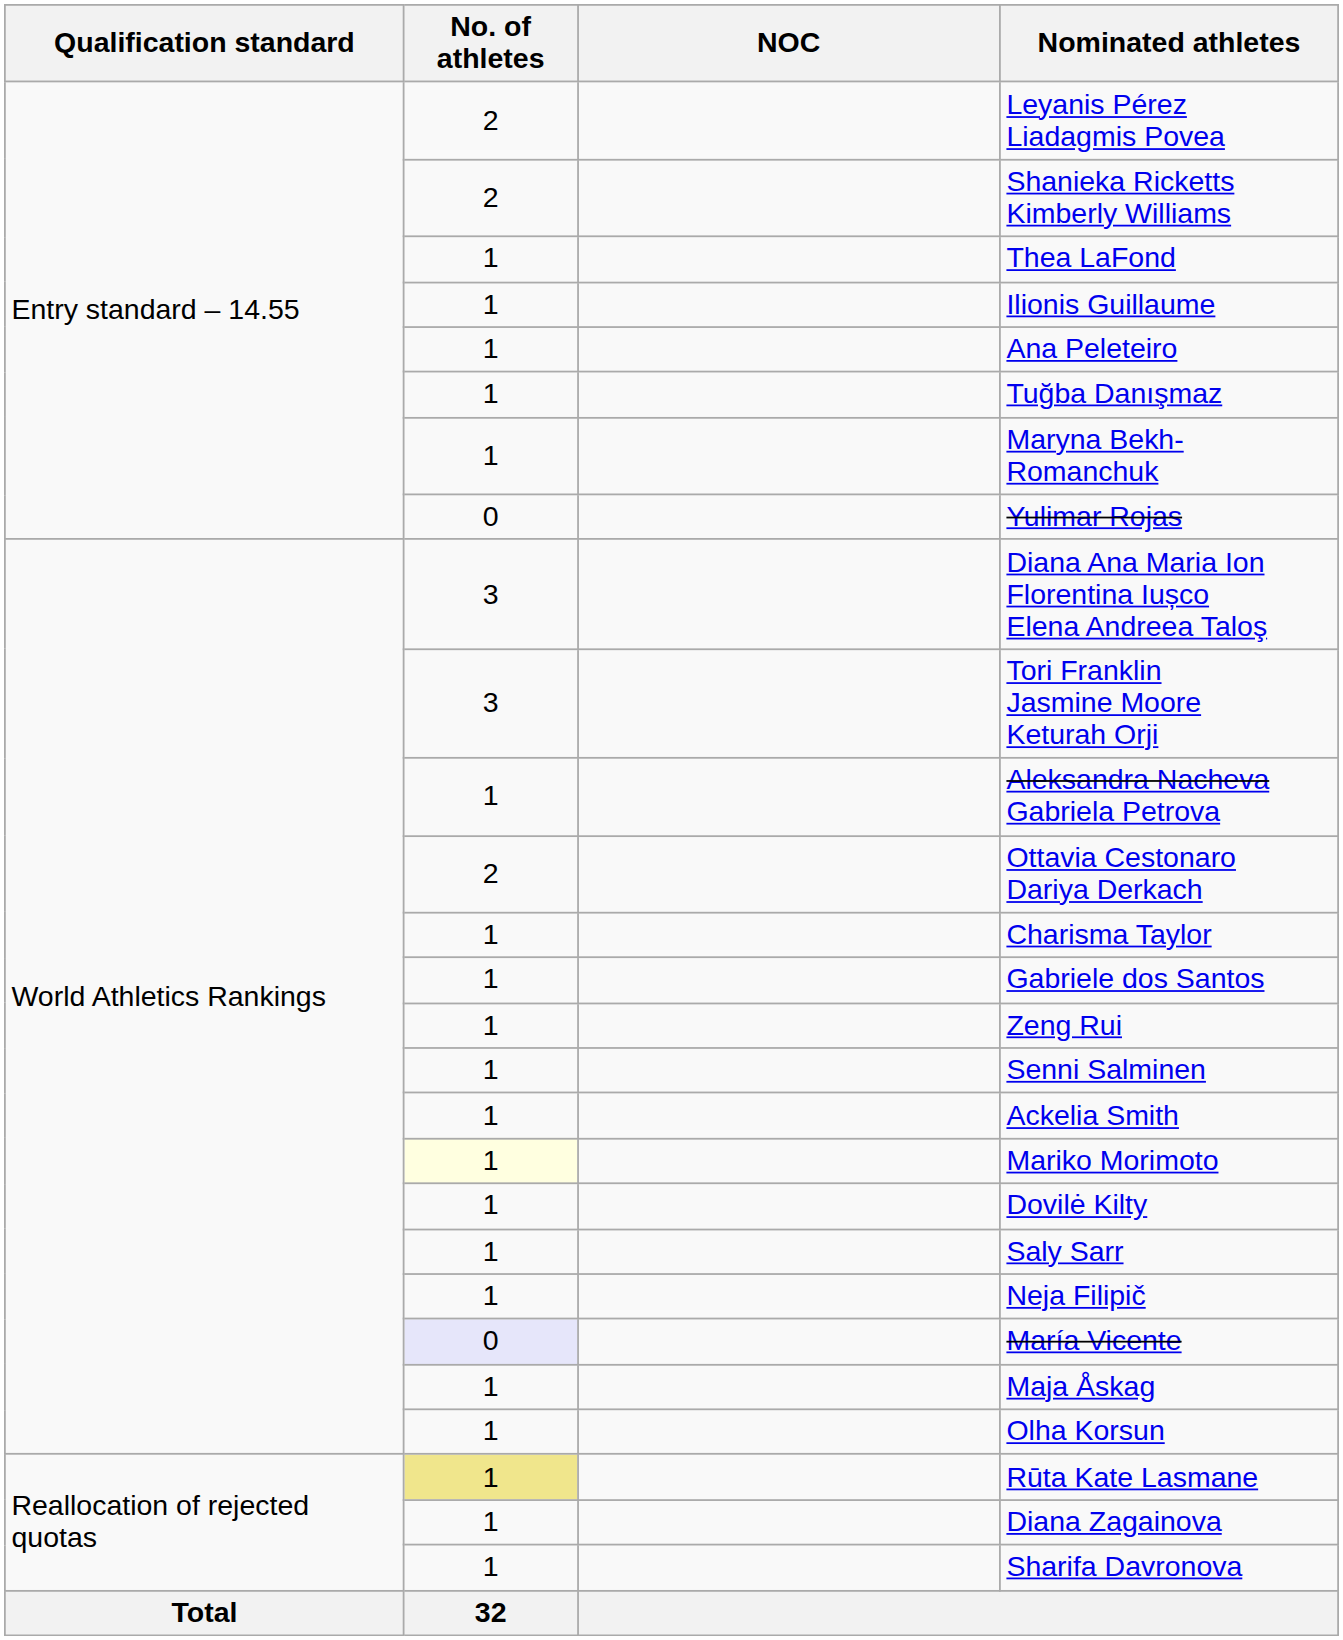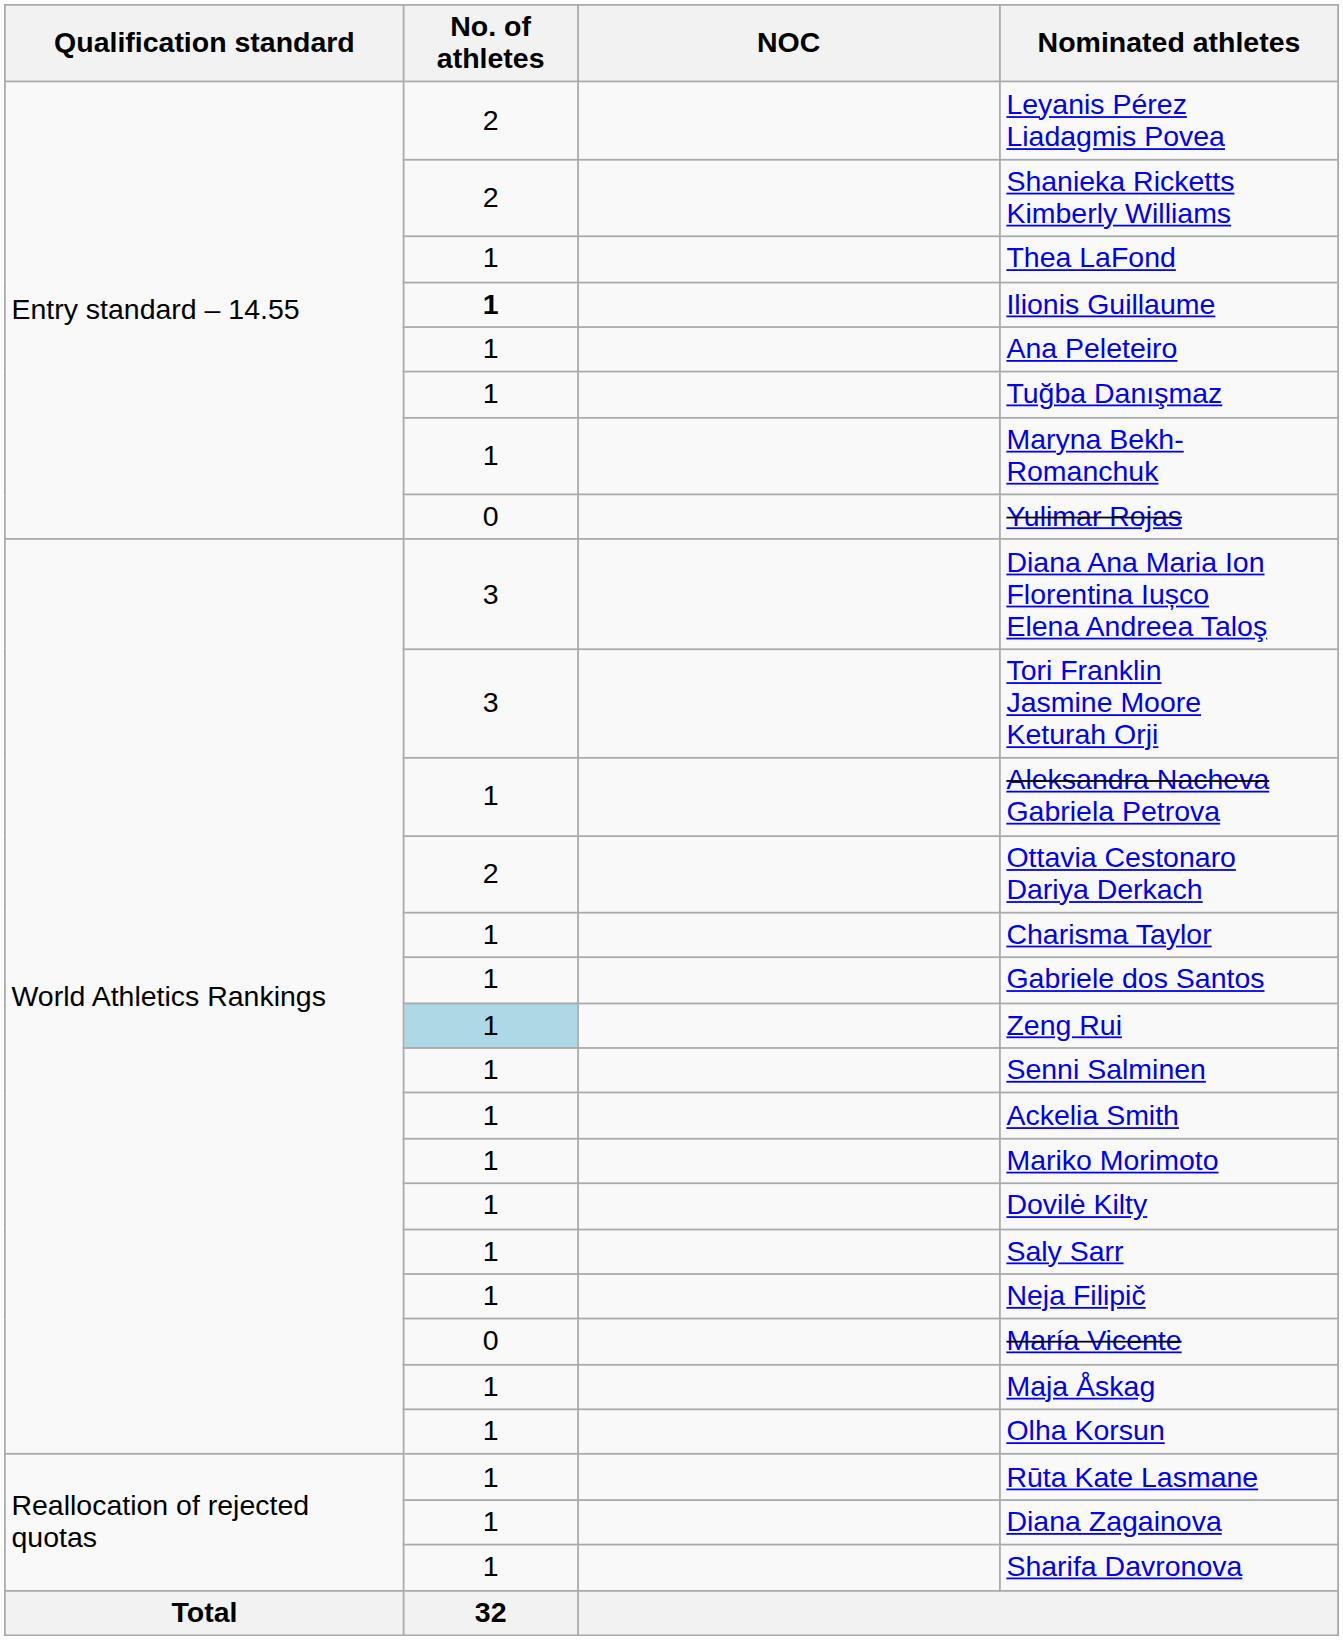 <table class="wikitable sortable" style="text-align:left; width:750px;">
 <tr>
 <th>Qualification standard</th>
 <th width=90>No. of athletes</th>
 <th width=230>NOC</th>
 <th>Nominated athletes</th>
 </tr>
 <tr>
 <td rowspan=8>Entry standard – 14.55</td>
 <td align=center>2</td>
 <td></td>
 <td><a href='#'>Leyanis Pérez</a><br><a href='#'>Liadagmis Povea</a></td>
 </tr>
 <tr>
 <td align=center>2</td>
 <td></td>
 <td><a href='#'>Shanieka Ricketts</a><br><a href='#'>Kimberly Williams</a></td>
 </tr>
 <tr>
 <td align=center>1</td>
 <td></td>
 <td><a href='#'>Thea LaFond</a></td>
 </tr>
 <tr>
-<td align=center>1</td>
+<td align=center><strong>1</strong></td>
 <td></td>
 <td><a href='#'>Ilionis Guillaume</a></td>
 </tr>
 <tr>
 <td align=center>1</td>
 <td></td>
 <td><a href='#'>Ana Peleteiro</a></td>
 </tr>
 <tr>
 <td align=center>1</td>
 <td></td>
 <td><a href='#'>Tuğba Danışmaz</a></td>
 </tr>
 <tr>
 <td align=center>1</td>
 <td></td>
 <td><a href='#'>Maryna Bekh-Romanchuk</a></td>
 </tr>
 <tr>
 <td align=center>0</td>
 <td><s></s></td>
 <td><s><a href='#'>Yulimar Rojas</a></s></td>
 </tr>
 <tr>
 <td rowspan=16>World Athletics Rankings</td>
 <td align=center>3</td>
 <td></td>
 <td><a href='#'>Diana Ana Maria Ion</a><br><a href='#'>Florentina Iușco</a><br><a href='#'>Elena Andreea Taloş</a></td>
 </tr>
 <tr>
 <td align=center>3</td>
 <td></td>
 <td><a href='#'>Tori Franklin</a><br><a href='#'>Jasmine Moore</a><br><a href='#'>Keturah Orji</a></td>
 </tr>
 <tr>
 <td align=center>1</td>
 <td></td>
 <td><s><a href='#'>Aleksandra Nacheva</a></s><br><a href='#'>Gabriela Petrova</a></td>
 </tr>
 <tr>
 <td align=center>2</td>
 <td></td>
 <td><a href='#'>Ottavia Cestonaro</a><br><a href='#'>Dariya Derkach</a></td>
 </tr>
 <tr>
 <td align=center>1</td>
 <td></td>
 <td><a href='#'>Charisma Taylor</a></td>
 </tr>
 <tr>
 <td align=center>1</td>
 <td></td>
 <td><a href='#'>Gabriele dos Santos</a></td>
 </tr>
 <tr>
-<td align=center>1</td>
+<td align=center style="background: lightblue;">1</td>
 <td></td>
 <td><a href='#'>Zeng Rui</a></td>
 </tr>
 <tr>
 <td align=center>1</td>
 <td></td>
 <td><a href='#'>Senni Salminen</a></td>
 </tr>
 <tr>
 <td align=center>1</td>
 <td></td>
 <td><a href='#'>Ackelia Smith</a></td>
 </tr>
 <tr>
-<td align=center style="background: lightyellow;">1</td>
+<td align=center>1</td>
 <td></td>
 <td><a href='#'>Mariko Morimoto</a></td>
 </tr>
 <tr>
 <td align=center>1</td>
 <td></td>
 <td><a href='#'>Dovilė Kilty</a></td>
 </tr>
 <tr>
 <td align=center>1</td>
 <td></td>
 <td><a href='#'>Saly Sarr</a></td>
 </tr>
 <tr>
 <td align=center>1</td>
 <td></td>
 <td><a href='#'>Neja Filipič</a></td>
 </tr>
 <tr>
-<td align=center style="background: lavender;">0</td>
+<td align=center>0</td>
 <td><s></s></td>
 <td><s><a href='#'>María Vicente</a></s></td>
 </tr>
 <tr>
 <td align=center>1</td>
 <td></td>
 <td><a href='#'>Maja Åskag</a></td>
 </tr>
 <tr>
 <td align=center>1</td>
 <td></td>
 <td><a href='#'>Olha Korsun</a></td>
 </tr>
 <tr>
 <td rowspan=3>Reallocation of rejected quotas</td>
-<td align=center style="background: khaki;">1</td>
+<td align=center>1</td>
 <td></td>
 <td><a href='#'>Rūta Kate Lasmane</a></td>
 </tr>
 <tr>
 <td align=center>1</td>
 <td></td>
 <td><a href='#'>Diana Zagainova</a></td>
 </tr>
 <tr>
 <td align=center>1</td>
 <td></td>
 <td><a href='#'>Sharifa Davronova</a></td>
 </tr>
 <tr>
 <th>Total</th>
 <th>32</th>
 <th colspan=2></th>
 </tr>
 </table>
